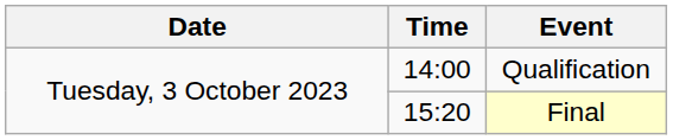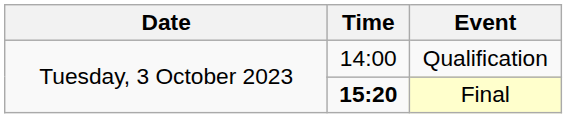 <table class = "wikitable" style="text-align:center;">
 <tr>
 <th width=220>Date</th>
 <th width=50>Time</th>
 <th width=100>Event</th>
 </tr>
 <tr>
 <td rowspan=2>Tuesday, 3 October 2023</td>
 <td>14:00</td>
 <td>Qualification</td>
 </tr>
 <tr>
-<td>15:20</td>
+<td><strong>15:20</strong></td>
 <td bgcolor=ffffcc>Final</td>
 </tr>
 </table>
